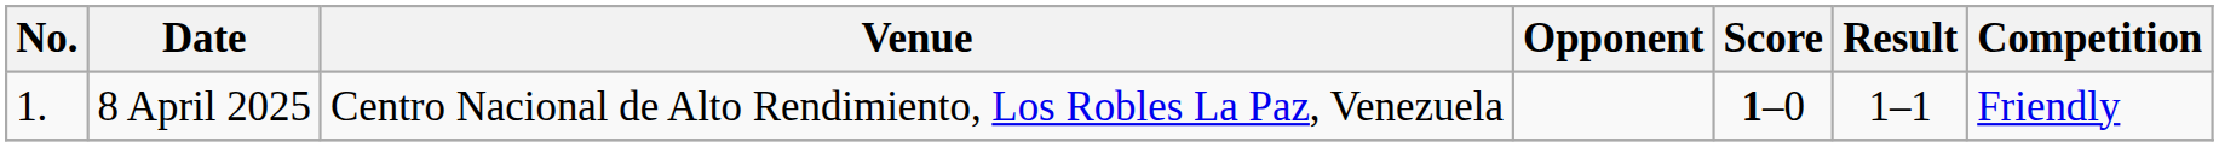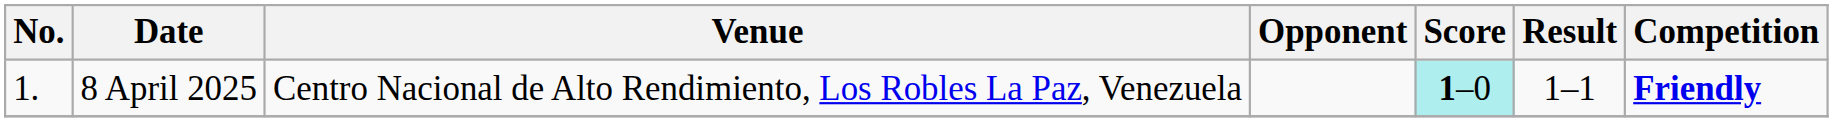 <table class="wikitable">
 <tr>
 <th>No.</th>
 <th>Date</th>
 <th>Venue</th>
 <th>Opponent</th>
 <th>Score</th>
 <th>Result</th>
 <th>Competition</th>
 </tr>
 <tr>
 <td>1.</td>
 <td>8 April 2025</td>
 <td>Centro Nacional de Alto Rendimiento, <a href='#'>Los Robles La Paz</a>, Venezuela</td>
 <td></td>
-<td align=center><strong>1</strong>–0</td>
+<td align=center style="background: paleturquoise;"><strong>1</strong>–0</td>
 <td align=center>1–1</td>
-<td><a href='#'>Friendly</a></td>
+<td><strong><a href='#'>Friendly</a></strong></td>
 </tr>
 <tr>
 </tr>
 </table>
